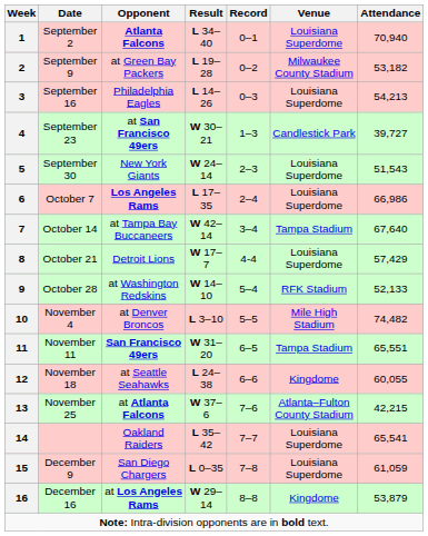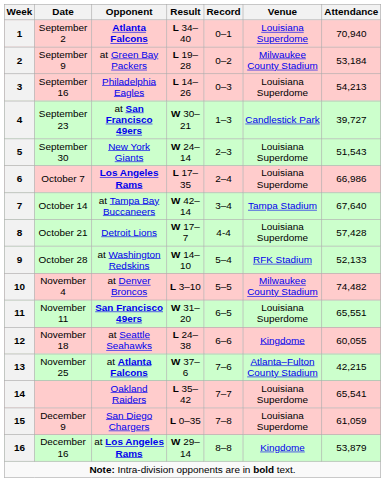 <table class="wikitable" style="text-align:center">
 <tr>
 <th>Week</th>
 <th>Date</th>
 <th>Opponent</th>
 <th>Result</th>
 <th>Record</th>
 <th>Venue</th>
 <th>Attendance</th>
 </tr>
 <tr style="background:#fcc">
 <th>1</th>
 <td>September 2</td>
 <td><strong><a href='#'>Atlanta Falcons</a></strong></td>
 <td><strong>L</strong> 34–40</td>
 <td>0–1</td>
 <td><a href='#'>Louisiana Superdome</a></td>
 <td>70,940</td>
 </tr>
 <tr style="background:#fcc">
 <th>2</th>
 <td>September 9</td>
 <td>at <a href='#'>Green Bay Packers</a></td>
 <td><strong>L</strong> 19–28</td>
 <td>0–2</td>
 <td><a href='#'>Milwaukee County Stadium</a></td>
-<td>53,182</td>
+<td>53,184</td>
 </tr>
 <tr style="background:#fcc">
 <th>3</th>
 <td>September 16</td>
 <td><a href='#'>Philadelphia Eagles</a></td>
 <td><strong>L</strong> 14–26</td>
 <td>0–3</td>
 <td>Louisiana Superdome</td>
 <td>54,213</td>
 </tr>
 <tr style="background:#cfc">
 <th>4</th>
 <td>September 23</td>
 <td>at <strong><a href='#'>San Francisco 49ers</a></strong></td>
 <td><strong>W</strong> 30–21</td>
 <td>1–3</td>
 <td><a href='#'>Candlestick Park</a></td>
 <td>39,727</td>
 </tr>
 <tr style="background:#cfc">
 <th>5</th>
 <td>September 30</td>
 <td><a href='#'>New York Giants</a></td>
 <td><strong>W</strong> 24–14</td>
 <td>2–3</td>
 <td>Louisiana Superdome</td>
 <td>51,543</td>
 </tr>
 <tr style="background:#fcc">
 <th>6</th>
 <td>October 7</td>
 <td><strong><a href='#'>Los Angeles Rams</a></strong></td>
 <td><strong>L</strong> 17–35</td>
 <td>2–4</td>
 <td>Louisiana Superdome</td>
 <td>66,986</td>
 </tr>
 <tr style="background:#cfc">
 <th>7</th>
 <td>October 14</td>
 <td>at <a href='#'>Tampa Bay Buccaneers</a></td>
 <td><strong>W</strong> 42–14</td>
 <td>3–4</td>
 <td><a href='#'>Tampa Stadium</a></td>
 <td>67,640</td>
 </tr>
 <tr style="background:#cfc">
 <th>8</th>
 <td>October 21</td>
 <td><a href='#'>Detroit Lions</a></td>
 <td><strong>W</strong> 17–7</td>
 <td>4-4</td>
 <td>Louisiana Superdome</td>
-<td>57,429</td>
+<td>57,428</td>
 </tr>
 <tr style="background:#cfc">
 <th>9</th>
 <td>October 28</td>
 <td>at <a href='#'>Washington Redskins</a></td>
 <td><strong>W</strong> 14–10</td>
 <td>5–4</td>
 <td><a href='#'>RFK Stadium</a></td>
 <td>52,133</td>
 </tr>
 <tr style="background:#fcc">
 <th>10</th>
 <td>November 4</td>
 <td>at <a href='#'>Denver Broncos</a></td>
 <td><strong>L</strong> 3–10</td>
 <td>5–5</td>
-<td><a href='#'>Mile High Stadium</a></td>
+<td><a href='#'>Milwaukee County Stadium</a></td>
 <td>74,482</td>
 </tr>
 <tr style="background:#cfc">
 <th>11</th>
 <td>November 11</td>
 <td><strong><a href='#'>San Francisco 49ers</a></strong></td>
 <td><strong>W</strong> 31–20</td>
 <td>6–5</td>
-<td><a href='#'>Tampa Stadium</a></td>
+<td>Louisiana Superdome</td>
 <td>65,551</td>
 </tr>
 <tr style="background:#fcc">
 <th>12</th>
 <td>November 18</td>
 <td>at <a href='#'>Seattle Seahawks</a></td>
 <td><strong>L</strong> 24–38</td>
 <td>6–6</td>
 <td><a href='#'>Kingdome</a></td>
 <td>60,055</td>
 </tr>
 <tr style="background:#cfc">
 <th>13</th>
 <td>November 25</td>
 <td>at <strong><a href='#'>Atlanta Falcons</a></strong></td>
 <td><strong>W</strong> 37–6</td>
 <td>7–6</td>
 <td><a href='#'>Atlanta–Fulton County Stadium</a></td>
 <td>42,215</td>
 </tr>
 <tr style="background:#fcc">
 <th>14</th>
 <td></td>
 <td><a href='#'>Oakland Raiders</a></td>
 <td><strong>L</strong> 35–42</td>
 <td>7–7</td>
 <td>Louisiana Superdome</td>
 <td>65,541</td>
 </tr>
 <tr style="background:#fcc">
 <th>15</th>
 <td>December 9</td>
 <td><a href='#'>San Diego Chargers</a></td>
 <td><strong>L</strong> 0–35</td>
 <td>7–8</td>
 <td>Louisiana Superdome</td>
 <td>61,059</td>
 </tr>
 <tr style="background:#cfc">
 <th>16</th>
 <td>December 16</td>
 <td>at <strong><a href='#'>Los Angeles Rams</a></strong></td>
 <td><strong>W</strong> 29–14</td>
 <td>8–8</td>
 <td><a href='#'>Kingdome</a></td>
 <td>53,879</td>
 </tr>
 <tr>
 <td colspan="7"><strong>Note:</strong> Intra-division opponents are in <strong>bold</strong> text.</td>
 </tr>
 </table>
